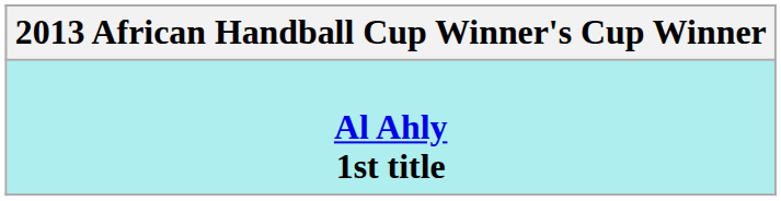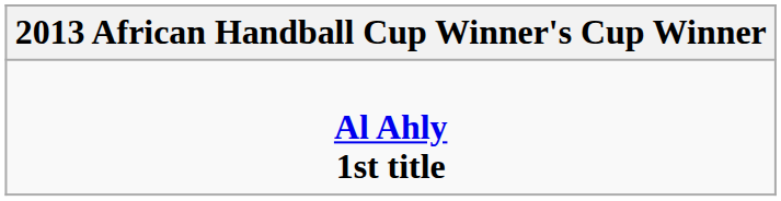 <table class=wikitable style="text-align:center; margin:auto">
 <tr>
 <th>2013 African Handball Cup Winner's Cup Winner</th>
 </tr>
 <tr>
-<td style="background: paleturquoise;"><br><strong><a href='#'>Al Ahly</a></strong><br><strong>1st title</strong></td>
+<td><br><strong><a href='#'>Al Ahly</a></strong><br><strong>1st title</strong></td>
 </tr>
 </table>
